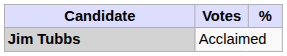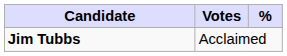 <table class="wikitable">
 <tr>
 <th style="background:#ddf; width:200px;">Candidate</th>
 <th style="background:#ddf; width:50px;">Votes</th>
 <th style="background:#ddf; width:30px;">%</th>
 </tr>
 <tr>
-<td style="background: lightgrey;"><strong>Jim Tubbs</strong></td>
+<td><strong>Jim Tubbs</strong></td>
 <td colspan="2">Acclaimed</td>
 </tr>
 </table>
